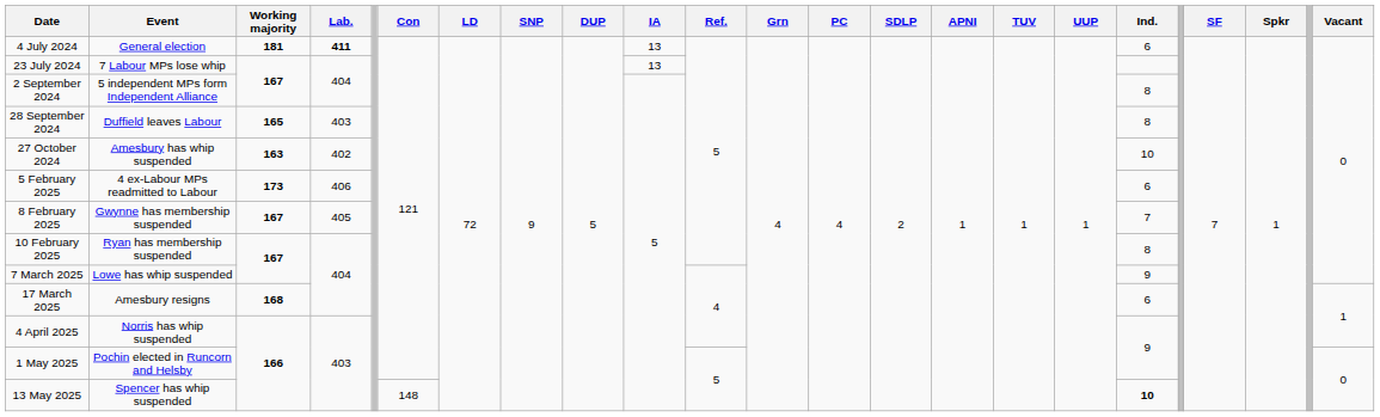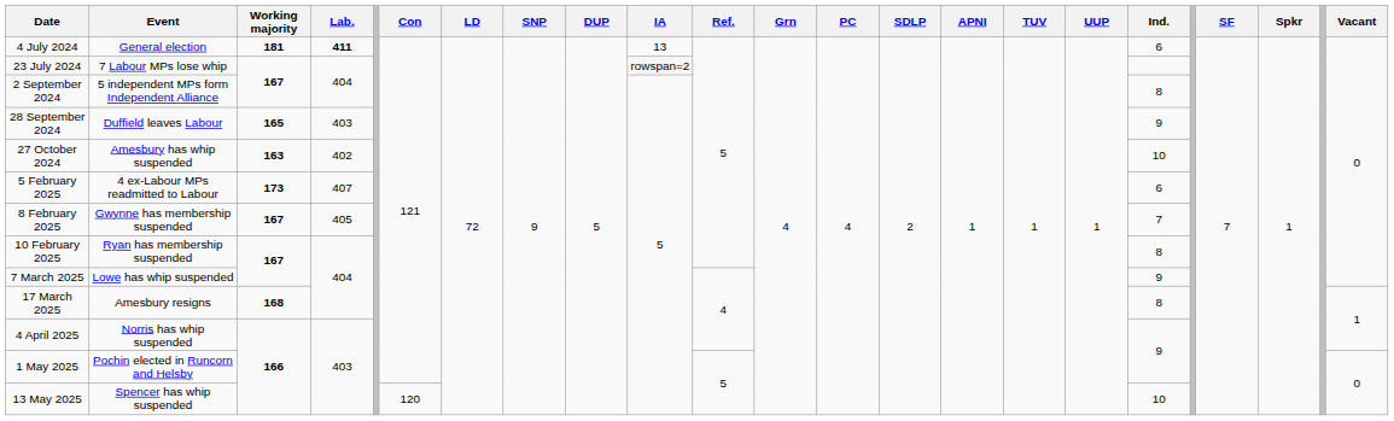 <table class="wikitable" style="text-align: center; font-size: 85%">
 <tr>
 <th>Date</th>
 <th>Event</th>
 <th>Working majority</th>
 <th style="width: 4.5%;"><a href='#'>Lab.</a></th>
 <th rowspan="14" style="background: silver;"></th>
 <th style="width: 4.5%;"><a href='#'>Con</a></th>
 <th style="width: 4.5%;"><a href='#'>LD</a></th>
 <th style="width: 4.5%;"><a href='#'>SNP</a></th>
 <th style="width: 4.5%;"><a href='#'>DUP</a></th>
 <th style="width: 4.5%;"><a href='#'>IA</a></th>
 <th style="width: 4.5%;"><a href='#'>Ref.</a></th>
 <th style="width: 4.5%;"><a href='#'>Grn</a></th>
 <th style="width: 4.5%;"><a href='#'>PC</a></th>
 <th style="width: 4.5%;"><a href='#'>SDLP</a></th>
 <th style="width: 4.5%;"><a href='#'>APNI</a></th>
 <th style="width: 4.5%;"><a href='#'>TUV</a></th>
 <th style="width: 4.5%;"><a href='#'>UUP</a></th>
 <th style="width: 4.5%;">Ind.</th>
 <th rowspan="14" style="background: silver;"></th>
 <th style="width: 4.5%;"><a href='#'>SF</a></th>
 <th style="width: 4.5%;">Spkr</th>
 <th rowspan="14" style="background: silver;"></th>
 <th style="width: 4.5%;">Vacant</th>
 </tr>
 <tr>
 <td>4 July 2024</td>
 <td><a href='#'>General election</a></td>
 <td><strong>181</strong></td>
 <td><strong>411</strong></td>
 <td rowspan="12">121</td>
 <td rowspan="13">72</td>
 <td rowspan="13">9</td>
 <td rowspan="13">5</td>
 <td>13</td>
 <td rowspan="8">5</td>
 <td rowspan="13">4</td>
 <td rowspan="13">4</td>
 <td rowspan="13">2</td>
 <td rowspan="13">1</td>
 <td rowspan="13">1</td>
 <td rowspan="13">1</td>
 <td>6</td>
 <td rowspan="13">7</td>
 <td rowspan="13">1</td>
 <td rowspan="9">0</td>
 </tr>
 <tr>
 <td>23 July 2024</td>
 <td>7 <a href='#'>Labour</a> MPs lose whip</td>
 <td rowspan=2><strong>167</strong></td>
 <td rowspan=2>404</td>
-<td>13</td>
+<td>rowspan=2  </td>
 </tr>
 <tr>
 <td>2 September 2024</td>
 <td>5 independent MPs form <a href='#'>Independent Alliance</a></td>
 <td rowspan="11">5</td>
 <td>8</td>
 </tr>
 <tr>
 <td>28 September 2024</td>
 <td><a href='#'>Duffield</a> leaves <a href='#'>Labour</a></td>
 <td><strong>165</strong></td>
 <td>403</td>
-<td>8</td>
+<td>9</td>
 </tr>
 <tr>
 <td>27 October 2024</td>
 <td><a href='#'>Amesbury</a> has whip suspended</td>
 <td><strong>163</strong></td>
 <td>402</td>
 <td>10</td>
 </tr>
 <tr>
 <td>5 February 2025</td>
 <td>4 ex-Labour MPs readmitted to Labour</td>
 <td><strong>173</strong></td>
-<td>406</td>
+<td>407</td>
 <td>6</td>
 </tr>
 <tr>
 <td>8 February 2025</td>
 <td><a href='#'>Gwynne</a> has membership suspended</td>
 <td><strong>167</strong></td>
 <td>405</td>
 <td>7</td>
 </tr>
 <tr>
 <td>10 February 2025</td>
 <td><a href='#'>Ryan</a> has membership suspended</td>
 <td rowspan="2"><strong>167</strong></td>
 <td rowspan="3">404</td>
 <td>8</td>
 </tr>
 <tr>
 <td>7 March 2025</td>
 <td><a href='#'>Lowe</a> has whip suspended</td>
 <td rowspan="3">4</td>
 <td>9</td>
 </tr>
 <tr>
 <td>17 March 2025</td>
 <td>Amesbury resigns</td>
 <td><strong>168</strong></td>
-<td>6</td>
+<td>8</td>
 <td rowspan=2>1</td>
 </tr>
 <tr>
 <td>4 April 2025</td>
 <td><a href='#'>Norris</a> has whip suspended</td>
 <td rowspan="3"><strong>166</strong></td>
 <td rowspan="3">403</td>
 <td rowspan="2">9</td>
 </tr>
 <tr>
 <td>1 May 2025</td>
 <td><a href='#'>Pochin</a> elected in <a href='#'>Runcorn and Helsby</a></td>
 <td rowspan=2>5</td>
 <td rowspan=2>0</td>
 </tr>
 <tr>
 <td>13 May 2025</td>
 <td><a href='#'>Spencer</a> has whip suspended</td>
-<td>148</td>
-<td><strong>10</strong></td>
+<td>120</td>
+<td>10</td>
 </tr>
 </table>
